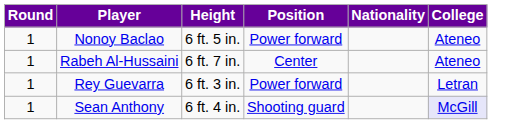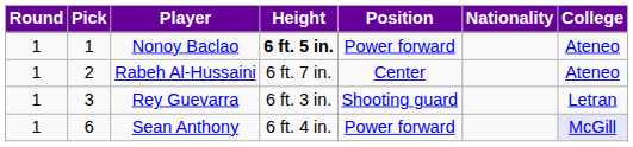 <table class="wikitable sortable sortable">
 <tr>
 <th style="background:#660099; color:#FFFFFF; ">Round</th>
+<th style="background:#660099; color:#FFFFFF; ">Pick</th>
 <th style="background:#660099; color:#FFFFFF; ">Player</th>
 <th style="background:#660099; color:#FFFFFF; ">Height</th>
 <th style="background:#660099; color:#FFFFFF; ">Position</th>
 <th style="background:#660099; color:#FFFFFF; ">Nationality</th>
 <th style="background:#660099; color:#FFFFFF; ">College</th>
 </tr>
 <tr style="text-align: center">
 <td>1</td>
+<td>1</td>
 <td><a href='#'>Nonoy Baclao</a></td>
-<td>6 ft. 5 in.</td>
+<td><strong>6 ft. 5 in.</strong></td>
 <td><a href='#'>Power forward</a></td>
 <td></td>
 <td><a href='#'>Ateneo</a></td>
 </tr>
 <tr style="text-align: center">
 <td>1</td>
+<td>2</td>
 <td><a href='#'>Rabeh Al-Hussaini</a></td>
 <td>6 ft. 7 in.</td>
 <td><a href='#'>Center</a></td>
 <td></td>
 <td><a href='#'>Ateneo</a></td>
 </tr>
 <tr style="text-align: center">
 <td>1</td>
+<td>3</td>
 <td><a href='#'>Rey Guevarra</a></td>
 <td>6 ft. 3 in.</td>
-<td><a href='#'>Power forward</a></td>
+<td><a href='#'>Shooting guard</a></td>
 <td></td>
 <td><a href='#'>Letran</a></td>
 </tr>
 <tr style="text-align: center">
 <td>1</td>
+<td>6</td>
 <td><a href='#'>Sean Anthony</a></td>
 <td>6 ft. 4 in.</td>
-<td><a href='#'>Shooting guard</a></td>
+<td><a href='#'>Power forward</a></td>
 <td></td>
 <td style="background: lavender;"><a href='#'>McGill</a></td>
 </tr>
 </table>
